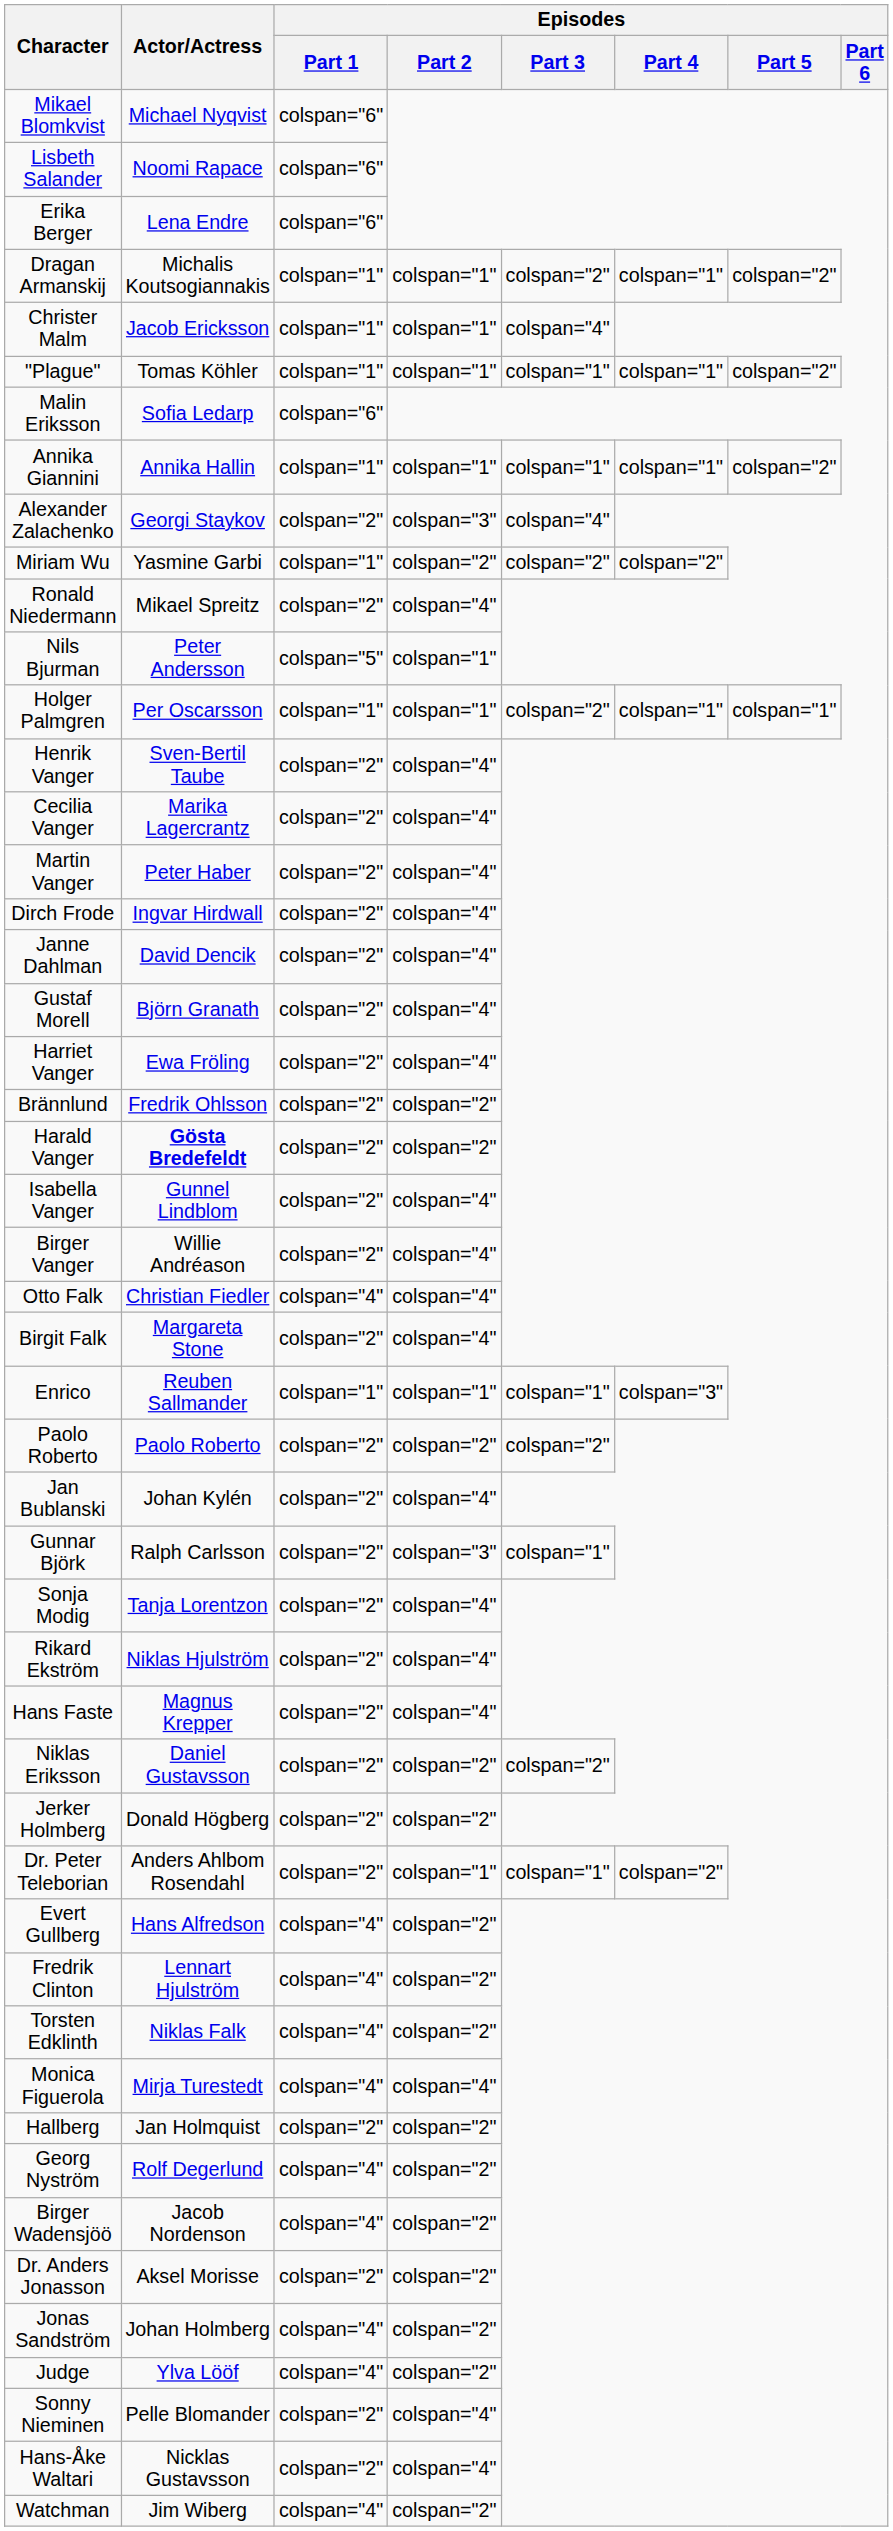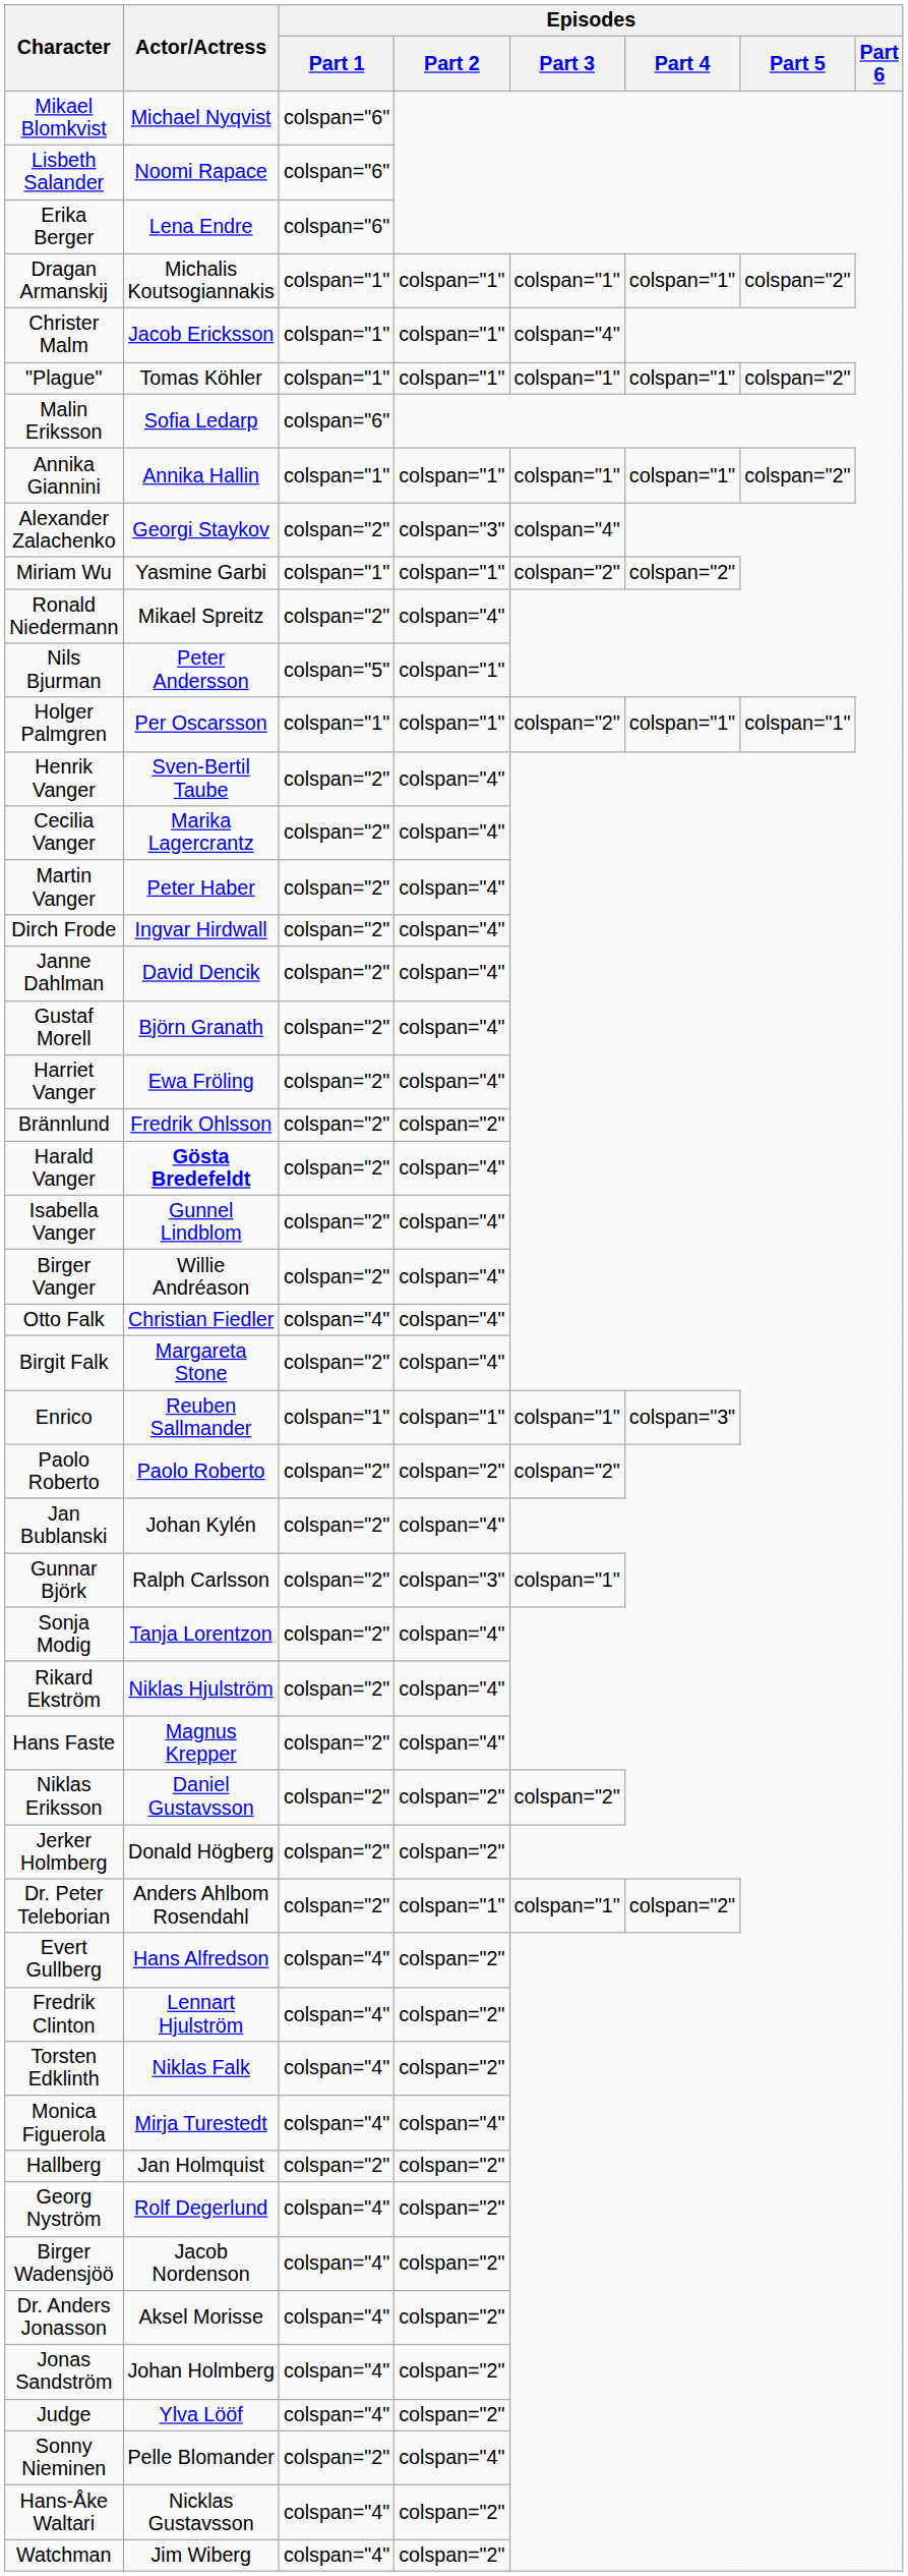 <table class="wikitable" style="text-align:center; width:70%;">
 <tr>
 <th rowspan="2" width="16%">Character</th>
 <th rowspan="2" width=16%>Actor/Actress</th>
 <th colspan="6">Episodes</th>
 </tr>
 <tr>
 <th width="10%"><a href='#'>Part 1</a></th>
 <th width="10%"><a href='#'>Part 2</a></th>
 <th width="10%"><a href='#'>Part 3</a></th>
 <th width="10%"><a href='#'>Part 4</a></th>
 <th width="10%"><a href='#'>Part 5</a></th>
 <th width="10%"><a href='#'>Part 6</a></th>
 </tr>
 <tr>
 <td><a href='#'>Mikael Blomkvist</a></td>
 <td><a href='#'>Michael Nyqvist</a></td>
 <td>colspan="6" </td>
 </tr>
 <tr>
 <td><a href='#'>Lisbeth Salander</a></td>
 <td><a href='#'>Noomi Rapace</a></td>
 <td>colspan="6" </td>
 </tr>
 <tr>
 <td>Erika Berger</td>
 <td><a href='#'>Lena Endre</a></td>
 <td>colspan="6" </td>
 </tr>
 <tr>
 <td>Dragan Armanskij</td>
 <td>Michalis Koutsogiannakis</td>
 <td>colspan="1" </td>
 <td>colspan="1" </td>
-<td>colspan="2" </td>
+<td>colspan="1" </td>
 <td>colspan="1" </td>
 <td>colspan="2" </td>
 </tr>
 <tr>
 <td>Christer Malm</td>
 <td><a href='#'>Jacob Ericksson</a></td>
 <td>colspan="1" </td>
 <td>colspan="1" </td>
 <td>colspan="4" </td>
 </tr>
 <tr>
 <td>"Plague"</td>
 <td>Tomas Köhler</td>
 <td>colspan="1" </td>
 <td>colspan="1" </td>
 <td>colspan="1" </td>
 <td>colspan="1" </td>
 <td>colspan="2" </td>
 </tr>
 <tr>
 <td>Malin Eriksson</td>
 <td><a href='#'>Sofia Ledarp</a></td>
 <td>colspan="6" </td>
 </tr>
 <tr>
 <td>Annika Giannini</td>
 <td><a href='#'>Annika Hallin</a></td>
 <td>colspan="1" </td>
 <td>colspan="1" </td>
 <td>colspan="1" </td>
 <td>colspan="1" </td>
 <td>colspan="2" </td>
 </tr>
 <tr>
 <td>Alexander Zalachenko</td>
 <td><a href='#'>Georgi Staykov</a></td>
 <td>colspan="2" </td>
 <td>colspan="3" </td>
 <td>colspan="4" </td>
 </tr>
 <tr>
 <td>Miriam Wu</td>
 <td>Yasmine Garbi</td>
 <td>colspan="1" </td>
-<td>colspan="2" </td>
+<td>colspan="1" </td>
 <td>colspan="2" </td>
 <td>colspan="2" </td>
 </tr>
 <tr>
 <td>Ronald Niedermann</td>
 <td>Mikael Spreitz</td>
 <td>colspan="2" </td>
 <td>colspan="4" </td>
 </tr>
 <tr>
 <td>Nils Bjurman</td>
 <td><a href='#'>Peter Andersson</a></td>
 <td>colspan="5" </td>
 <td>colspan="1" </td>
 </tr>
 <tr>
 <td>Holger Palmgren</td>
 <td><a href='#'>Per Oscarsson</a></td>
 <td>colspan="1" </td>
 <td>colspan="1" </td>
 <td>colspan="2" </td>
 <td>colspan="1" </td>
 <td>colspan="1" </td>
 </tr>
 <tr>
 <td>Henrik Vanger</td>
 <td><a href='#'>Sven-Bertil Taube</a></td>
 <td>colspan="2" </td>
 <td>colspan="4" </td>
 </tr>
 <tr>
 <td>Cecilia Vanger</td>
 <td><a href='#'>Marika Lagercrantz</a></td>
 <td>colspan="2" </td>
 <td>colspan="4" </td>
 </tr>
 <tr>
 <td>Martin Vanger</td>
 <td><a href='#'>Peter Haber</a></td>
 <td>colspan="2" </td>
 <td>colspan="4" </td>
 </tr>
 <tr>
 <td>Dirch Frode</td>
 <td><a href='#'>Ingvar Hirdwall</a></td>
 <td>colspan="2" </td>
 <td>colspan="4" </td>
 </tr>
 <tr>
 <td>Janne Dahlman</td>
 <td><a href='#'>David Dencik</a></td>
 <td>colspan="2" </td>
 <td>colspan="4" </td>
 </tr>
 <tr>
 <td>Gustaf Morell</td>
 <td><a href='#'>Björn Granath</a></td>
 <td>colspan="2" </td>
 <td>colspan="4" </td>
 </tr>
 <tr>
 <td>Harriet Vanger</td>
 <td><a href='#'>Ewa Fröling</a></td>
 <td>colspan="2" </td>
 <td>colspan="4" </td>
 </tr>
 <tr>
 <td>Brännlund</td>
 <td><a href='#'>Fredrik Ohlsson</a></td>
 <td>colspan="2" </td>
 <td>colspan="2" </td>
 </tr>
 <tr>
 <td>Harald Vanger</td>
 <td><strong><a href='#'>Gösta Bredefeldt</a></strong></td>
 <td>colspan="2" </td>
-<td>colspan="2" </td>
+<td>colspan="4" </td>
 </tr>
 <tr>
 <td>Isabella Vanger</td>
 <td><a href='#'>Gunnel Lindblom</a></td>
 <td>colspan="2" </td>
 <td>colspan="4" </td>
 </tr>
 <tr>
 <td>Birger Vanger</td>
 <td>Willie Andréason</td>
 <td>colspan="2" </td>
 <td>colspan="4" </td>
 </tr>
 <tr>
 <td>Otto Falk</td>
 <td><a href='#'>Christian Fiedler</a></td>
 <td>colspan="4" </td>
 <td>colspan="4" </td>
 </tr>
 <tr>
 <td>Birgit Falk</td>
 <td><a href='#'>Margareta Stone</a></td>
 <td>colspan="2" </td>
 <td>colspan="4" </td>
 </tr>
 <tr>
 <td>Enrico</td>
 <td><a href='#'>Reuben Sallmander</a></td>
 <td>colspan="1" </td>
 <td>colspan="1" </td>
 <td>colspan="1" </td>
 <td>colspan="3" </td>
 </tr>
 <tr>
 <td>Paolo Roberto</td>
 <td><a href='#'>Paolo Roberto</a></td>
 <td>colspan="2" </td>
 <td>colspan="2" </td>
 <td>colspan="2" </td>
 </tr>
 <tr>
 <td>Jan Bublanski</td>
 <td>Johan Kylén</td>
 <td>colspan="2" </td>
 <td>colspan="4" </td>
 </tr>
 <tr>
 <td>Gunnar Björk</td>
 <td>Ralph Carlsson</td>
 <td>colspan="2" </td>
 <td>colspan="3" </td>
 <td>colspan="1" </td>
 </tr>
 <tr>
 <td>Sonja Modig</td>
 <td><a href='#'>Tanja Lorentzon</a></td>
 <td>colspan="2" </td>
 <td>colspan="4" </td>
 </tr>
 <tr>
 <td>Rikard Ekström</td>
 <td><a href='#'>Niklas Hjulström</a></td>
 <td>colspan="2" </td>
 <td>colspan="4" </td>
 </tr>
 <tr>
 <td>Hans Faste</td>
 <td><a href='#'>Magnus Krepper</a></td>
 <td>colspan="2" </td>
 <td>colspan="4" </td>
 </tr>
 <tr>
 <td>Niklas Eriksson</td>
 <td><a href='#'>Daniel Gustavsson</a></td>
 <td>colspan="2" </td>
 <td>colspan="2" </td>
 <td>colspan="2" </td>
 </tr>
 <tr>
 <td>Jerker Holmberg</td>
 <td>Donald Högberg</td>
 <td>colspan="2" </td>
 <td>colspan="2" </td>
 </tr>
 <tr>
 <td>Dr. Peter Teleborian</td>
 <td>Anders Ahlbom Rosendahl</td>
 <td>colspan="2" </td>
 <td>colspan="1" </td>
 <td>colspan="1" </td>
 <td>colspan="2" </td>
 </tr>
 <tr>
 <td>Evert Gullberg</td>
 <td><a href='#'>Hans Alfredson</a></td>
 <td>colspan="4" </td>
 <td>colspan="2" </td>
 </tr>
 <tr>
 <td>Fredrik Clinton</td>
 <td><a href='#'>Lennart Hjulström</a></td>
 <td>colspan="4" </td>
 <td>colspan="2" </td>
 </tr>
 <tr>
 <td>Torsten Edklinth</td>
 <td><a href='#'>Niklas Falk</a></td>
 <td>colspan="4" </td>
 <td>colspan="2" </td>
 </tr>
 <tr>
 <td>Monica Figuerola</td>
 <td><a href='#'>Mirja Turestedt</a></td>
 <td>colspan="4" </td>
 <td>colspan="4" </td>
 </tr>
 <tr>
 <td>Hallberg</td>
 <td>Jan Holmquist</td>
 <td>colspan="2" </td>
 <td>colspan="2" </td>
 </tr>
 <tr>
 <td>Georg Nyström</td>
 <td><a href='#'>Rolf Degerlund</a></td>
 <td>colspan="4" </td>
 <td>colspan="2" </td>
 </tr>
 <tr>
 <td>Birger Wadensjöö</td>
 <td>Jacob Nordenson</td>
 <td>colspan="4" </td>
 <td>colspan="2" </td>
 </tr>
 <tr>
 <td>Dr. Anders Jonasson</td>
 <td>Aksel Morisse</td>
-<td>colspan="2" </td>
+<td>colspan="4" </td>
 <td>colspan="2" </td>
 </tr>
 <tr>
 <td>Jonas Sandström</td>
 <td>Johan Holmberg</td>
 <td>colspan="4" </td>
 <td>colspan="2" </td>
 </tr>
 <tr>
 <td>Judge</td>
 <td><a href='#'>Ylva Lööf</a></td>
 <td>colspan="4" </td>
 <td>colspan="2" </td>
 </tr>
 <tr>
 <td>Sonny Nieminen</td>
 <td>Pelle Blomander</td>
 <td>colspan="2" </td>
 <td>colspan="4" </td>
 </tr>
 <tr>
 <td>Hans-Åke Waltari</td>
 <td>Nicklas Gustavsson</td>
+<td>colspan="4" </td>
 <td>colspan="2" </td>
-<td>colspan="4" </td>
 </tr>
 <tr>
 <td>Watchman</td>
 <td>Jim Wiberg</td>
 <td>colspan="4" </td>
 <td>colspan="2" </td>
 </tr>
 </table>
